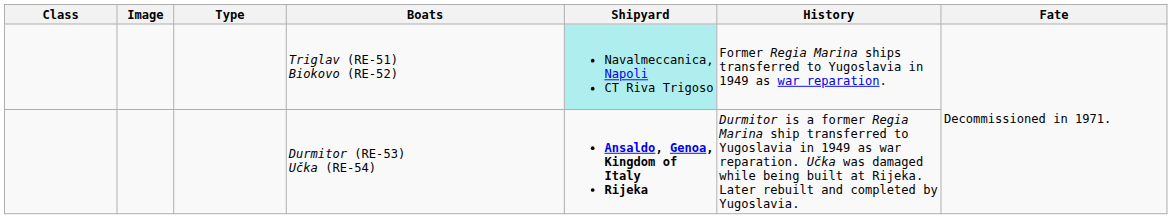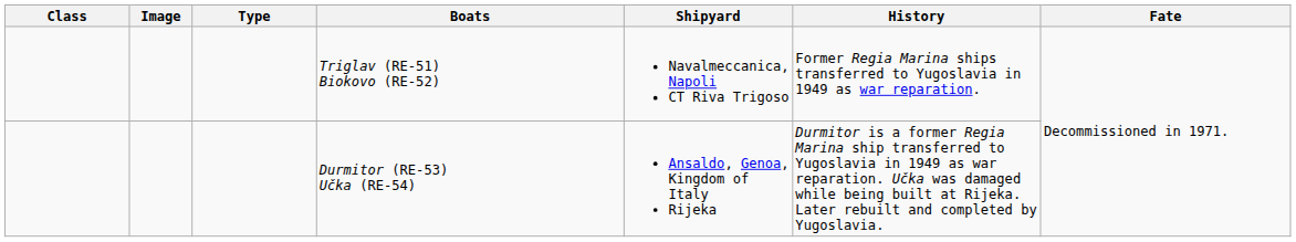 <table class="wikitable">
 <tr>
 <th style="text-align:center;width:10%;">Class</th>
 <th style="text-align:center;width:5%;">Image</th>
 <th style="text-align:center; width:10%;">Type</th>
 <th style="text-align:center; width:25%;">Boats</th>
 <th style="text-align:center; width:10%;">Shipyard</th>
 <th style="text-align:center; width:20%;">History</th>
 <th style="text-align:center; width:25%;">Fate</th>
 </tr>
 <tr>
 <td></td>
 <td></td>
 <td></td>
 <td><em>Triglav</em> (RE-51)<br><em>Biokovo</em> (RE-52)</td>
-<td style="background: paleturquoise;"><div><br><ul><li>Navalmeccanica, <a href='#'>Napoli</a></li><li>CT Riva Trigoso</li></ul></div></td>
+<td><div><br><ul><li>Navalmeccanica, <a href='#'>Napoli</a></li><li>CT Riva Trigoso</li></ul></div></td>
 <td>Former <em>Regia Marina</em> ships transferred to Yugoslavia in 1949 as <a href='#'>war reparation</a>.</td>
 <td rowspan="2">Decommissioned in 1971.</td>
 </tr>
 <tr>
 <td></td>
 <td></td>
 <td></td>
 <td><em>Durmitor</em> (RE-53)<br><em>Učka</em> (RE-54)</td>
-<td><strong><br><ul><li><a href='#'>Ansaldo</a>, <a href='#'>Genoa</a>, Kingdom of Italy</li><li>Rijeka</li></ul></strong></td>
+<td><br><ul><li><a href='#'>Ansaldo</a>, <a href='#'>Genoa</a>, Kingdom of Italy</li><li>Rijeka</li></ul></td>
 <td><em>Durmitor</em> is a former <em>Regia Marina</em> ship transferred to Yugoslavia in 1949 as war reparation. <em>Učka</em> was damaged while being built at Rijeka. Later rebuilt and completed by Yugoslavia.</td>
 </tr>
 </table>
